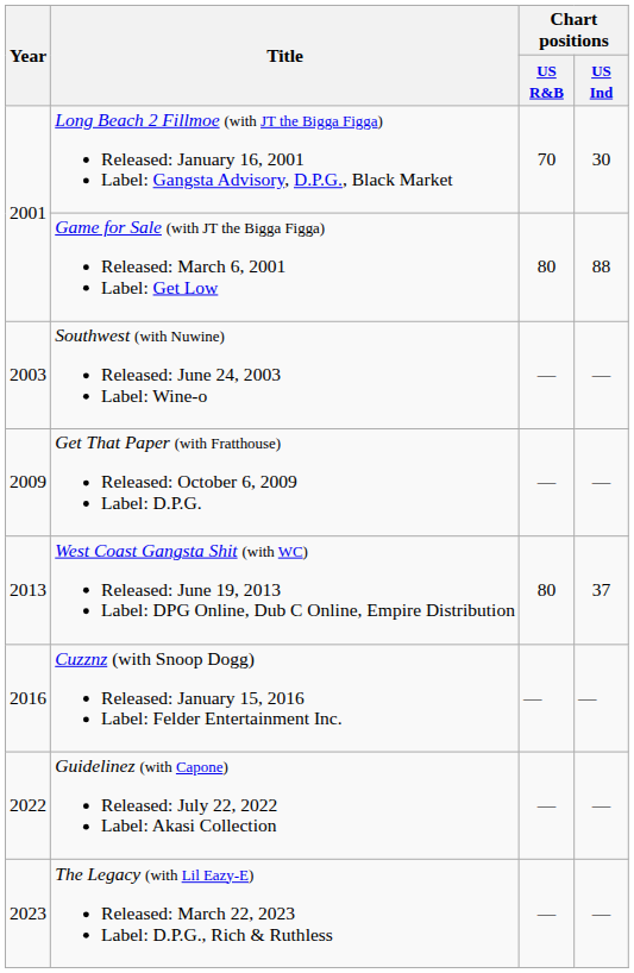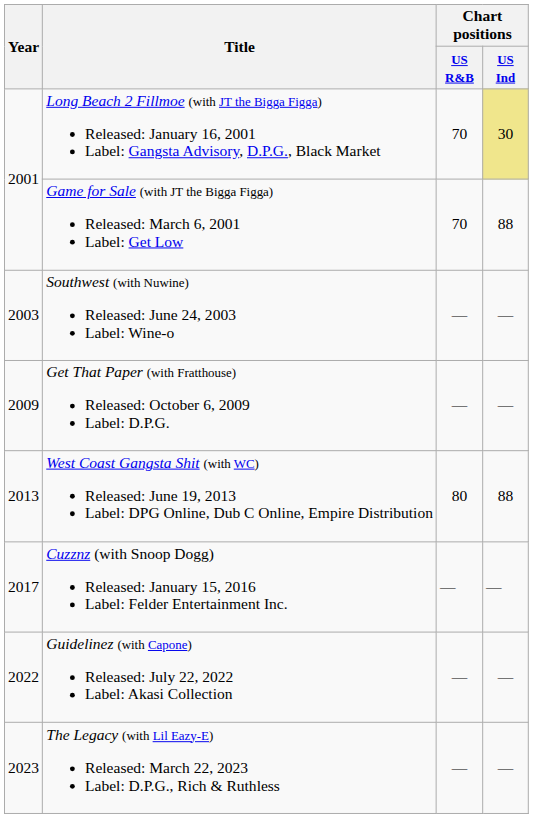 <table class="wikitable">
 <tr>
 <th rowspan="2">Year</th>
 <th rowspan="2">Title</th>
 <th colspan="2">Chart positions</th>
 </tr>
 <tr>
 <th width="40"><small><a href='#'>US R&B</a></small></th>
 <th width="40"><small><a href='#'>US Ind</a></small></th>
 </tr>
 <tr>
 <td rowspan="2">2001</td>
 <td><em><a href='#'>Long Beach 2 Fillmoe</a></em> <small>(with <a href='#'>JT the Bigga Figga</a>)</small><br><ul><li>Released: January 16, 2001</li><li>Label: <a href='#'>Gangsta Advisory</a>, <a href='#'>D.P.G.</a>, Black Market</li></ul></td>
 <td align="center">70</td>
-<td align="center">30</td>
+<td align="center" style="background: khaki;">30</td>
 </tr>
 <tr>
 <td><em><a href='#'>Game for Sale</a></em> <small>(with JT the Bigga Figga)</small><br><ul><li>Released: March 6, 2001</li><li>Label: <a href='#'>Get Low</a></li></ul></td>
-<td align="center">80</td>
+<td align="center">70</td>
 <td align="center">88</td>
 </tr>
 <tr>
 <td>2003</td>
 <td><em>Southwest</em> <small>(with Nuwine)</small><br><ul><li>Released: June 24, 2003</li><li>Label: Wine-o</li></ul></td>
 <td align="center">—</td>
 <td align="center">—</td>
 </tr>
 <tr>
 <td>2009</td>
 <td><em>Get That Paper</em> <small>(with Fratthouse)</small><br><ul><li>Released: October 6, 2009</li><li>Label: D.P.G.</li></ul></td>
 <td align="center">—</td>
 <td align="center">—</td>
 </tr>
 <tr>
 <td>2013</td>
 <td><em><a href='#'>West Coast Gangsta Shit</a></em> <small>(with <a href='#'>WC</a>)</small><br><ul><li>Released: June 19, 2013</li><li>Label: DPG Online, Dub C Online, Empire Distribution</li></ul></td>
 <td align="center">80</td>
-<td align="center">37</td>
+<td align="center">88</td>
 </tr>
 <tr>
-<td>2016</td>
+<td>2017</td>
 <td><em><a href='#'>Cuzznz</a></em> (with Snoop Dogg)<br><ul><li>Released: January 15, 2016</li><li>Label: Felder Entertainment Inc.</li></ul></td>
 <td>—</td>
 <td>—</td>
 </tr>
 <tr>
 <td>2022</td>
 <td><em>Guidelinez</em> <small>(with <a href='#'>Capone</a>)</small><br><ul><li>Released: July 22, 2022</li><li>Label: Akasi Collection</li></ul></td>
 <td align="center">—</td>
 <td align="center">—</td>
 </tr>
 <tr>
 <td>2023</td>
 <td><em>The Legacy</em> <small>(with <a href='#'>Lil Eazy-E</a>)</small><br><ul><li>Released: March 22, 2023</li><li>Label: D.P.G., Rich & Ruthless</li></ul></td>
 <td align="center">—</td>
 <td align="center">—</td>
 </tr>
 </table>
